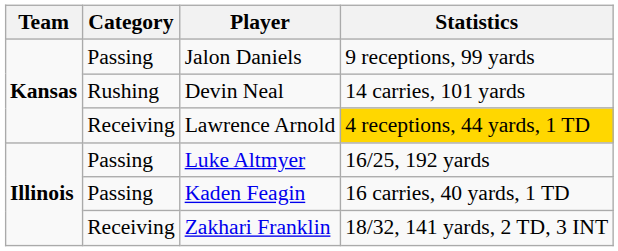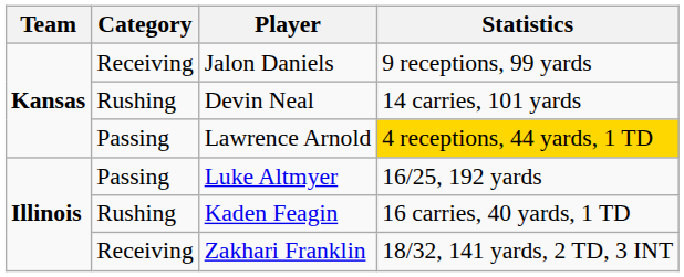 <table class="wikitable" style="float: right;">
 <tr>
 <th>Team</th>
 <th>Category</th>
 <th>Player</th>
 <th>Statistics</th>
 </tr>
 <tr>
 <td rowspan=3><strong>Kansas</strong></td>
-<td>Passing</td>
+<td>Receiving</td>
 <td>Jalon Daniels</td>
 <td>9 receptions, 99 yards</td>
 </tr>
 <tr>
 <td>Rushing</td>
 <td>Devin Neal</td>
 <td>14 carries, 101 yards</td>
 </tr>
 <tr>
-<td>Receiving</td>
+<td>Passing</td>
 <td>Lawrence Arnold</td>
 <td style="background: gold;">4 receptions, 44 yards, 1 TD</td>
 </tr>
 <tr>
 <td rowspan=3><strong>Illinois</strong></td>
 <td>Passing</td>
 <td><a href='#'>Luke Altmyer</a></td>
 <td>16/25, 192 yards</td>
 </tr>
 <tr>
-<td>Passing</td>
+<td>Rushing</td>
 <td><a href='#'>Kaden Feagin</a></td>
 <td>16 carries, 40 yards, 1 TD</td>
 </tr>
 <tr>
 <td>Receiving</td>
 <td><a href='#'>Zakhari Franklin</a></td>
 <td>18/32, 141 yards, 2 TD, 3 INT</td>
 </tr>
 </table>
